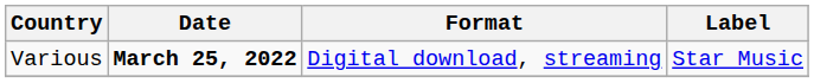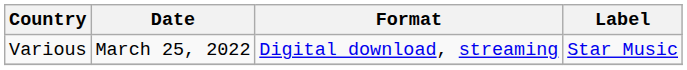 <table class="wikitable">
 <tr>
 <th>Country</th>
 <th>Date</th>
 <th>Format</th>
 <th>Label</th>
 </tr>
 <tr>
 <td>Various</td>
-<td><strong>March 25, 2022</strong></td>
+<td>March 25, 2022</td>
 <td><a href='#'>Digital download</a>, <a href='#'>streaming</a></td>
 <td><a href='#'>Star Music</a></td>
 </tr>
 <tr>
 </tr>
 </table>
